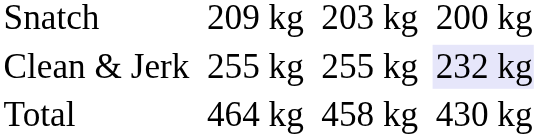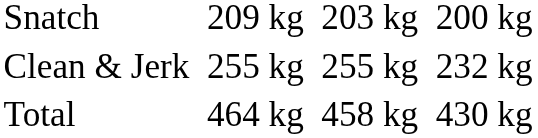 <table>
 <tr>
 <td>Snatch</td>
 <td></td>
 <td>209 kg</td>
 <td></td>
 <td>203 kg</td>
 <td></td>
 <td>200 kg</td>
 </tr>
 <tr>
 <td>Clean & Jerk</td>
 <td></td>
 <td>255 kg</td>
 <td></td>
 <td>255 kg</td>
 <td></td>
-<td style="background: lavender;">232 kg</td>
+<td>232 kg</td>
 </tr>
 <tr>
 <td>Total</td>
 <td></td>
 <td>464 kg</td>
 <td></td>
 <td>458 kg</td>
 <td></td>
 <td>430 kg</td>
 </tr>
 </table>
